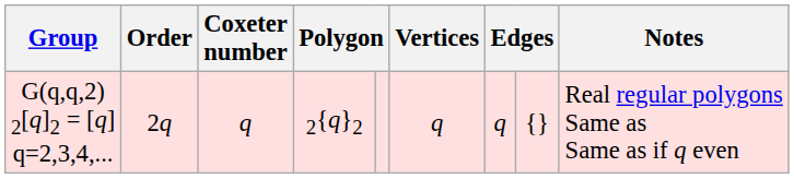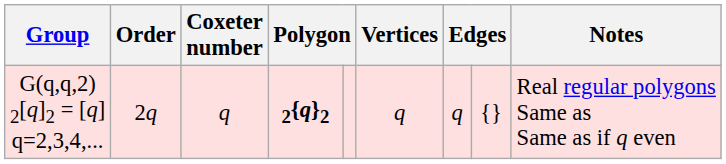 <table class="wikitable sortable">
 <tr>
 <th><a href='#'>Group</a></th>
 <th data-sort-type="number">Order</th>
 <th data-sort-type="number">Coxeter<br>number</th>
 <th colspan=2>Polygon</th>
 <th data-sort-type="number">Vertices</th>
 <th colspan=2 data-sort-type="number">Edges</th>
 <th>Notes</th>
 </tr>
 <tr align=center BGCOLOR="#ffe0e0">
 <td>G(q,q,2)<br><sub>2</sub>[<em>q</em>]<sub>2</sub> = [<em>q</em>]<br>q=2,3,4,...</td>
 <td>2<em>q</em></td>
 <td><em>q</em></td>
-<td><sub>2</sub>{<em>q</em>}<sub>2</sub></td>
+<td><strong><sub>2</sub>{<em>q</em>}<sub>2</sub></strong></td>
 <td></td>
 <td><em>q</em></td>
 <td><em>q</em></td>
 <td>{}</td>
 <td align=left>Real <a href='#'>regular polygons</a><br>Same as <br>Same as  if <em>q</em> even</td>
 </tr>
 </table>
